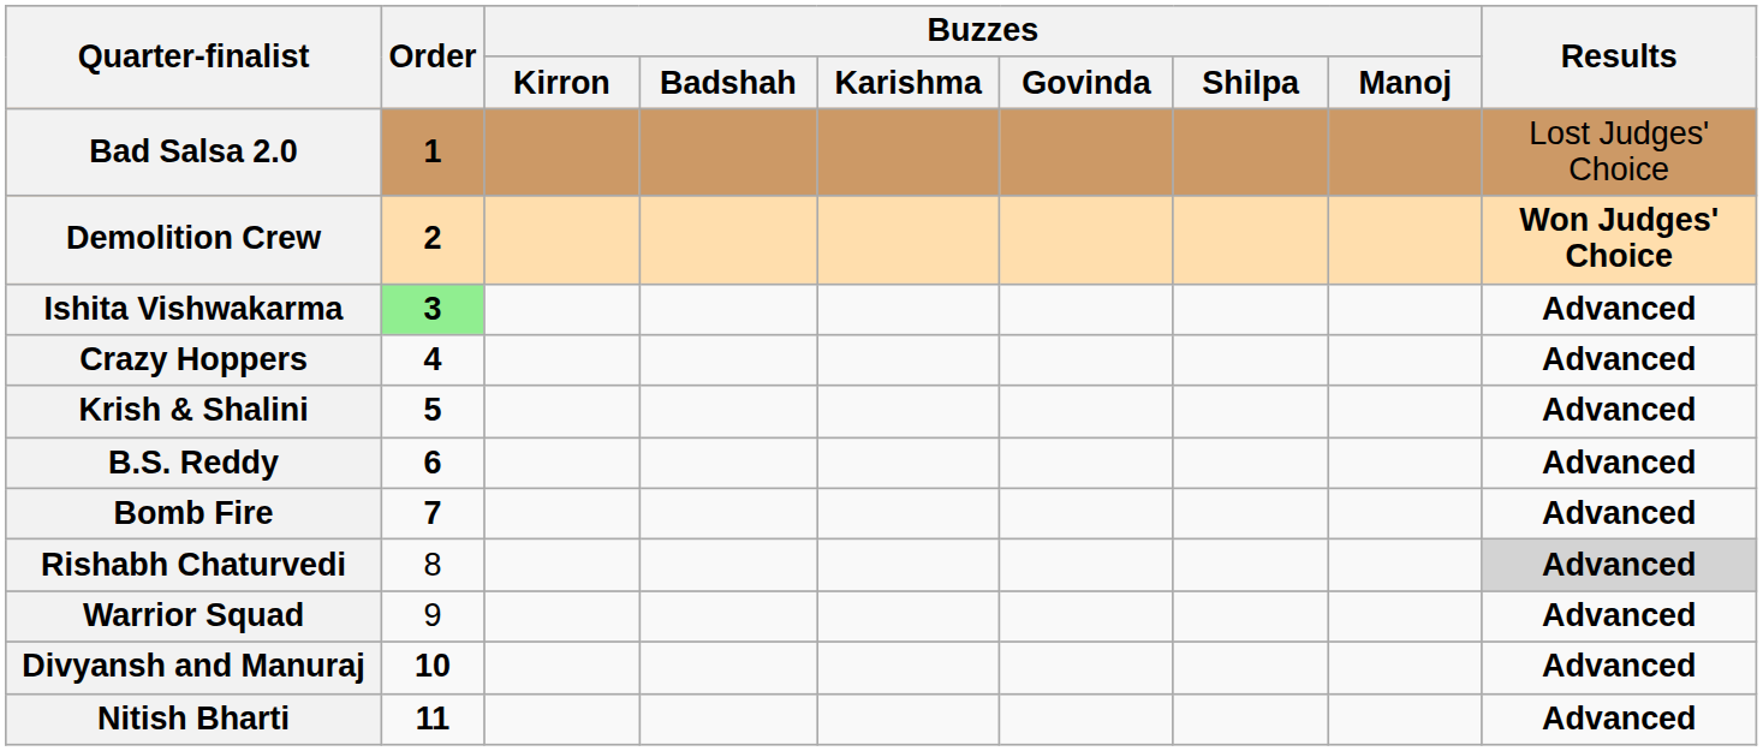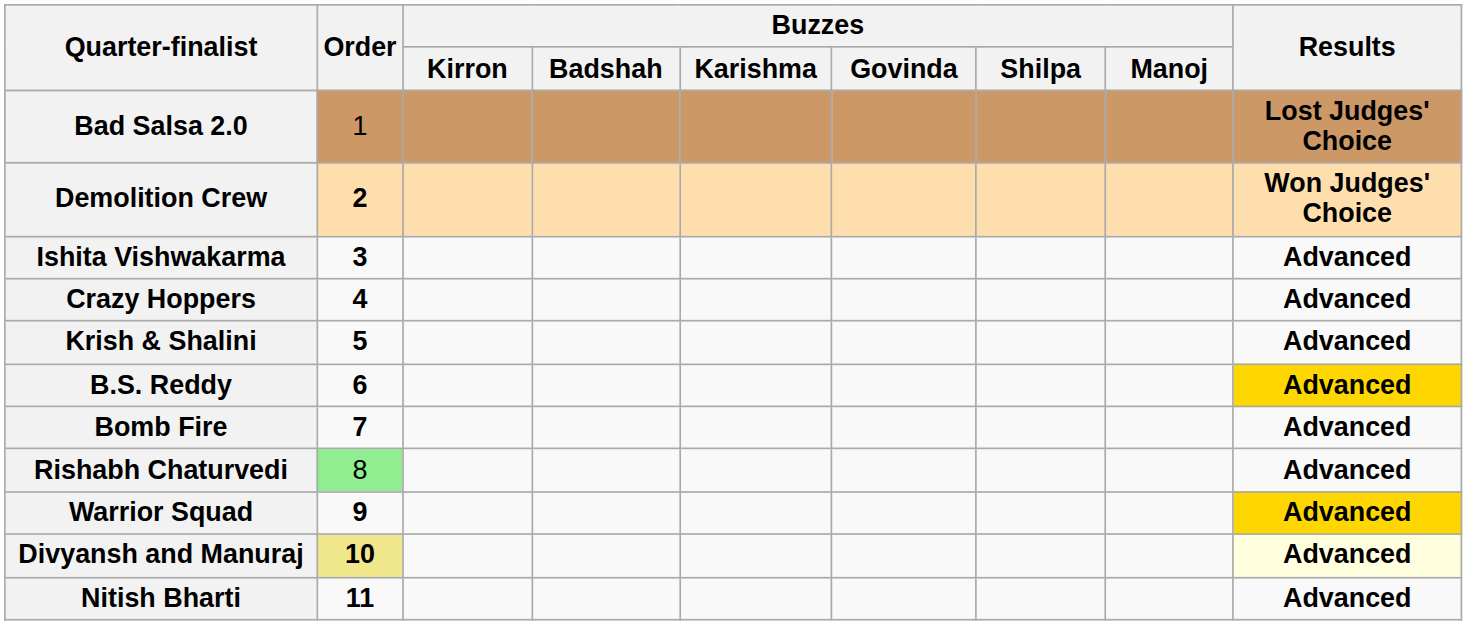 <table class="wikitable plainrowheaders sortable" style="text-align:center;">
 <tr>
 <th rowspan="2" class="unsortable" scope="col" style="width:17em;">Quarter-finalist</th>
 <th rowspan="2" scope="col" style="width:1em;">Order</th>
 <th colspan="6" class="unsortable" scope="col" style="width:24em;"><strong>Buzzes</strong></th>
 <th rowspan="2" class="sortable" scope="col" style="width:12em;">Results</th>
 </tr>
 <tr>
 <th scope="col" class="unsortable" style="width:6em;">Kirron</th>
 <th scope="col" class="unsortable" style="width:6em;">Badshah</th>
 <th scope="col" class="unsortable" style="width:6em;">Karishma</th>
 <th scope="col" class="unsortable" style="width:6em;">Govinda</th>
 <th scope="col" class="unsortable" style="width:6em;">Shilpa</th>
 <th scope="col" class="unsortable" style="width:6em;">Manoj</th>
 </tr>
 <tr style="background:#c96;">
 <th scope="row">Bad Salsa 2.0</th>
-<td><strong>1</strong></td>
+<td>1</td>
 <td></td>
 <td></td>
 <td></td>
 <td></td>
 <td></td>
 <td></td>
-<td>Lost Judges' Choice</td>
+<td><strong>Lost Judges' Choice</strong></td>
 </tr>
 <tr style="background:NavajoWhite;">
 <th scope="row"><strong>Demolition Crew</strong></th>
 <td><strong>2</strong></td>
 <td></td>
 <td></td>
 <td></td>
 <td></td>
 <td></td>
 <td></td>
 <td><strong>Won Judges' Choice</strong></td>
 </tr>
 <tr>
 <th scope="row"><strong>Ishita Vishwakarma</strong></th>
-<td style="background: lightgreen;"><strong>3</strong></td>
+<td><strong>3</strong></td>
 <td></td>
 <td></td>
 <td></td>
 <td></td>
 <td></td>
 <td></td>
 <td><strong>Advanced</strong></td>
 </tr>
 <tr>
 <th scope="row"><strong>Crazy Hoppers</strong></th>
 <td><strong>4</strong></td>
 <td></td>
 <td></td>
 <td></td>
 <td></td>
 <td></td>
 <td></td>
 <td><strong>Advanced</strong></td>
 </tr>
 <tr>
 <th scope="row"><strong>Krish & Shalini</strong></th>
 <td><strong>5</strong></td>
 <td></td>
 <td></td>
 <td></td>
 <td></td>
 <td></td>
 <td></td>
 <td><strong>Advanced</strong></td>
 </tr>
 <tr>
 <th scope="row"><strong>B.S. Reddy</strong></th>
 <td><strong>6</strong></td>
 <td></td>
 <td></td>
 <td></td>
 <td></td>
 <td></td>
 <td></td>
-<td><strong>Advanced</strong></td>
+<td style="background: gold;"><strong>Advanced</strong></td>
 </tr>
 <tr>
 <th scope="row"><strong>Bomb Fire</strong></th>
 <td><strong>7</strong></td>
 <td></td>
 <td></td>
 <td></td>
 <td></td>
 <td></td>
 <td></td>
 <td><strong>Advanced</strong></td>
 </tr>
 <tr>
 <th scope="row"><strong>Rishabh Chaturvedi</strong></th>
-<td>8</td>
-<td></td>
-<td></td>
-<td></td>
-<td></td>
-<td></td>
-<td></td>
-<td style="background: lightgrey;"><strong>Advanced</strong></td>
-</tr>
-<tr>
-<th scope="row"><strong>Warrior Squad</strong></th>
-<td>9</td>
+<td style="background: lightgreen;">8</td>
 <td></td>
 <td></td>
 <td></td>
 <td></td>
 <td></td>
 <td></td>
 <td><strong>Advanced</strong></td>
 </tr>
 <tr>
-<th scope="row"><strong>Divyansh and Manuraj</strong></th>
-<td><strong>10</strong></td>
+<th scope="row"><strong>Warrior Squad</strong></th>
+<td><strong>9</strong></td>
 <td></td>
 <td></td>
 <td></td>
 <td></td>
 <td></td>
 <td></td>
-<td><strong>Advanced</strong></td>
+<td style="background: gold;"><strong>Advanced</strong></td>
+</tr>
+<tr>
+<th scope="row"><strong>Divyansh and Manuraj</strong></th>
+<td style="background: khaki;"><strong>10</strong></td>
+<td></td>
+<td></td>
+<td></td>
+<td></td>
+<td></td>
+<td></td>
+<td style="background: lightyellow;"><strong>Advanced</strong></td>
 </tr>
 <tr>
 <th scope="row"><strong>Nitish Bharti</strong></th>
 <td><strong>11</strong></td>
 <td></td>
 <td></td>
 <td></td>
 <td></td>
 <td></td>
 <td></td>
 <td><strong>Advanced</strong></td>
 </tr>
 </table>
